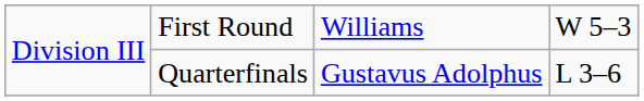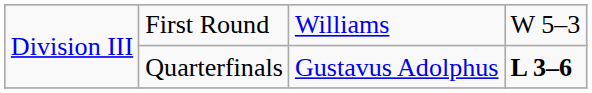 <table class="wikitable">
 <tr>
 <td rowspan="5"><a href='#'>Division III</a></td>
 <td>First Round</td>
 <td><a href='#'>Williams</a></td>
 <td>W 5–3</td>
 </tr>
 <tr>
 <td>Quarterfinals</td>
 <td><a href='#'>Gustavus Adolphus</a></td>
-<td>L 3–6</td>
+<td><strong>L 3–6</strong></td>
 </tr>
 </table>
